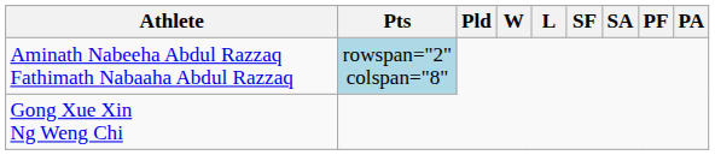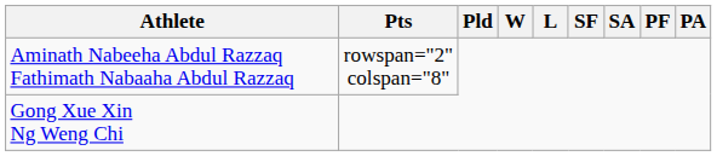 <table class=wikitable style="text-align:center">
 <tr>
 <th width="250">Athlete</th>
 <th width="20">Pts</th>
 <th width="20">Pld</th>
 <th width="20">W</th>
 <th width="20">L</th>
 <th width="20">SF</th>
 <th width="20">SA</th>
 <th width="20">PF</th>
 <th width="20">PA</th>
 </tr>
 <tr>
 <td style="text-align:left"> <a href='#'>Aminath Nabeeha Abdul Razzaq</a> <br>  <a href='#'>Fathimath Nabaaha Abdul Razzaq</a></td>
-<td style="background: lightblue;">rowspan="2" colspan="8" </td>
+<td>rowspan="2" colspan="8" </td>
 </tr>
 <tr>
 <td style="text-align:left"> <a href='#'>Gong Xue Xin</a> <br>  <a href='#'>Ng Weng Chi</a></td>
 </tr>
 </table>
